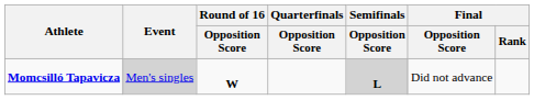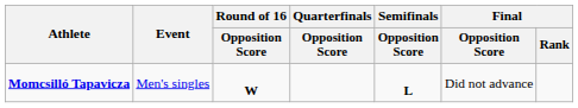 <table class=wikitable style="font-size:90%; text-align:center">
 <tr>
 <th rowspan=2>Athlete</th>
 <th rowspan=2>Event</th>
 <th>Round of 16</th>
 <th>Quarterfinals</th>
 <th>Semifinals</th>
 <th colspan=2>Final</th>
 </tr>
 <tr style="font-size:95%">
 <th>Opposition<br>Score</th>
 <th>Opposition<br>Score</th>
 <th>Opposition<br>Score</th>
 <th>Opposition<br>Score</th>
 <th>Rank</th>
 </tr>
 <tr>
 <td align=left><strong><a href='#'>Momcsilló Tapavicza</a></strong></td>
-<td align=left style="background: lightgrey;"><a href='#'>Men's singles</a></td>
+<td align=left><a href='#'>Men's singles</a></td>
 <td><br><strong>W</strong></td>
 <td></td>
-<td style="background: lightgrey;"><br><strong>L</strong></td>
+<td><br><strong>L</strong></td>
 <td>Did not advance</td>
 <td></td>
 </tr>
 </table>
